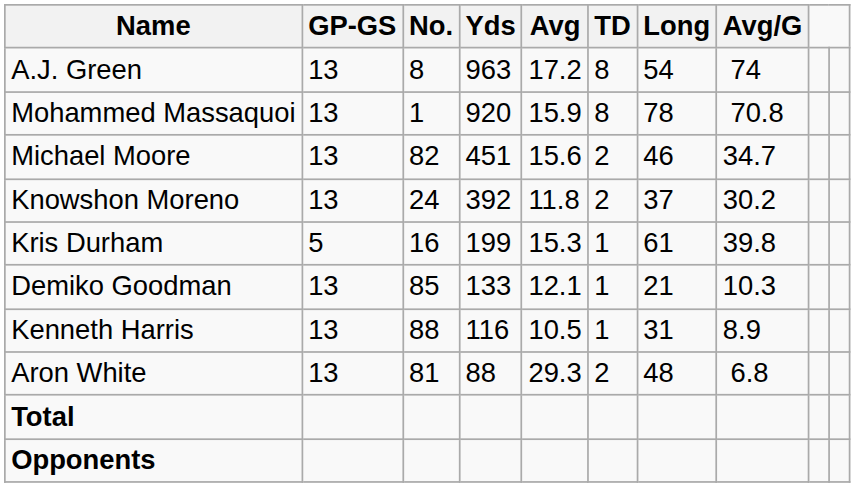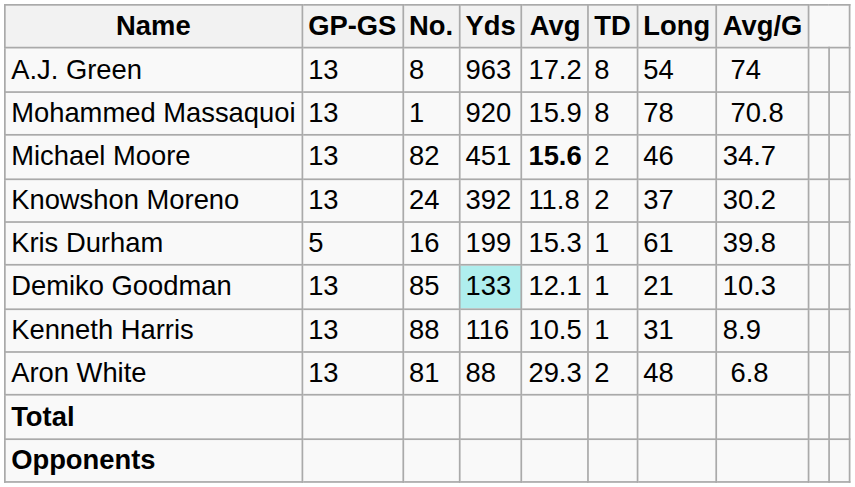 <table class="wikitable" style="white-space:nowrap;">
 <tr>
 <th>Name</th>
 <th>GP-GS</th>
 <th>No.</th>
 <th>Yds</th>
 <th>Avg</th>
 <th>TD</th>
 <th>Long</th>
 <th>Avg/G</th>
 </tr>
 <tr>
 <td>A.J. Green</td>
 <td>13</td>
 <td>8</td>
 <td>963</td>
 <td>17.2</td>
 <td>8</td>
 <td>54</td>
 <td> 74</td>
 <td> </td>
 <td> </td>
 </tr>
 <tr>
 <td>Mohammed Massaquoi</td>
 <td>13</td>
 <td>1</td>
 <td>920</td>
 <td>15.9</td>
 <td>8</td>
 <td>78</td>
 <td> 70.8</td>
 <td> </td>
 <td> </td>
 </tr>
 <tr>
 <td>Michael Moore</td>
 <td>13</td>
 <td>82</td>
 <td>451</td>
-<td>15.6</td>
+<td><strong>15.6</strong></td>
 <td>2</td>
 <td>46</td>
 <td>34.7</td>
 <td> </td>
 <td> </td>
 </tr>
 <tr>
 <td>Knowshon Moreno</td>
 <td>13</td>
 <td>24</td>
 <td>392</td>
 <td>11.8</td>
 <td>2</td>
 <td>37</td>
 <td>30.2</td>
 <td> </td>
 <td> </td>
 </tr>
 <tr>
 <td>Kris Durham</td>
 <td>5</td>
 <td>16</td>
 <td>199</td>
 <td>15.3</td>
 <td>1</td>
 <td>61</td>
 <td>39.8</td>
 <td> </td>
 <td> </td>
 </tr>
 <tr>
 <td>Demiko Goodman</td>
 <td>13</td>
 <td>85</td>
-<td>133</td>
+<td style="background: paleturquoise;">133</td>
 <td>12.1</td>
 <td>1</td>
 <td>21</td>
 <td>10.3</td>
 <td> </td>
 <td> </td>
 </tr>
 <tr>
 <td>Kenneth Harris</td>
 <td>13</td>
 <td>88</td>
 <td>116</td>
 <td>10.5</td>
 <td>1</td>
 <td>31</td>
 <td>8.9</td>
 <td> </td>
 <td> </td>
 </tr>
 <tr>
 <td>Aron White</td>
 <td>13</td>
 <td>81</td>
 <td>88</td>
 <td>29.3</td>
 <td>2</td>
 <td>48</td>
 <td> 6.8</td>
 <td> </td>
 <td> </td>
 </tr>
 <tr>
 <td><strong>Total</strong></td>
 <td> </td>
 <td> </td>
 <td> </td>
 <td> </td>
 <td> </td>
 <td> </td>
 <td> </td>
 <td> </td>
 <td> </td>
 </tr>
 <tr>
 <td><strong>Opponents</strong></td>
 <td> </td>
 <td> </td>
 <td> </td>
 <td> </td>
 <td> </td>
 <td> </td>
 <td> </td>
 <td> </td>
 <td> </td>
 </tr>
 </table>
